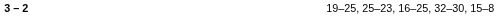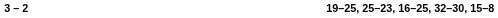 <table width=85% cellspacing=1>
 <tr>
 <th width=20%></th>
 <th width=12%></th>
 <th width=20%></th>
 <th width=33%></th>
 </tr>
 <tr style=font-size:90%>
 <td align=right><strong></strong></td>
 <td align=center><strong>3 – 2</strong></td>
 <td></td>
-<td>19–25, 25–23, 16–25, 32–30, 15–8</td>
+<td><strong>19–25, 25–23, 16–25, 32–30, 15–8</strong></td>
 </tr>
 </table>
